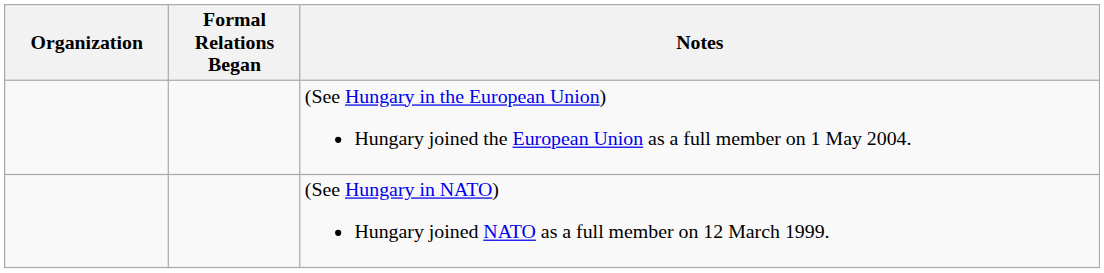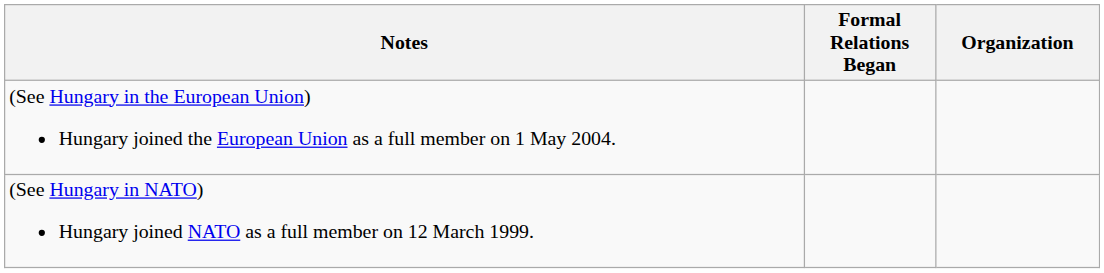 <table class="wikitable sortable" border="1" style="width:100%; margin:auto;">
 <tr>
+<th>Notes</th>
+<th width="12%">Formal Relations Began</th>
 <th width="15%">Organization</th>
-<th width="12%">Formal Relations Began</th>
-<th>Notes</th>
 </tr>
 <tr -valign="top">
+<td>(See <a href='#'>Hungary in the European Union</a>)<br><ul><li>Hungary joined the <a href='#'>European Union</a> as a full member on 1 May 2004.</li></ul></td>
 <td></td>
 <td></td>
-<td>(See <a href='#'>Hungary in the European Union</a>)<br><ul><li>Hungary joined the <a href='#'>European Union</a> as a full member on 1 May 2004.</li></ul></td>
 </tr>
 <tr -valign="top">
+<td>(See <a href='#'>Hungary in NATO</a>)<br><ul><li>Hungary joined <a href='#'>NATO</a> as a full member on 12 March 1999.</li></ul></td>
 <td></td>
 <td></td>
-<td>(See <a href='#'>Hungary in NATO</a>)<br><ul><li>Hungary joined <a href='#'>NATO</a> as a full member on 12 March 1999.</li></ul></td>
 </tr>
 </table>
